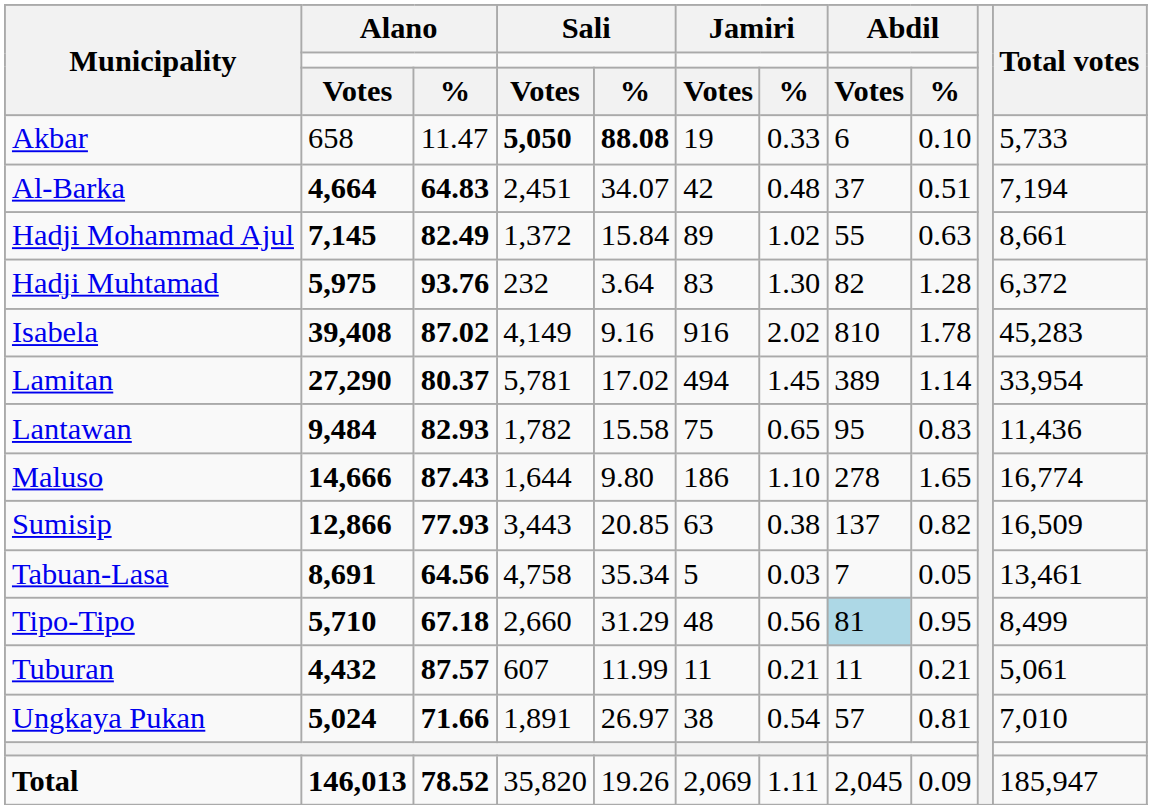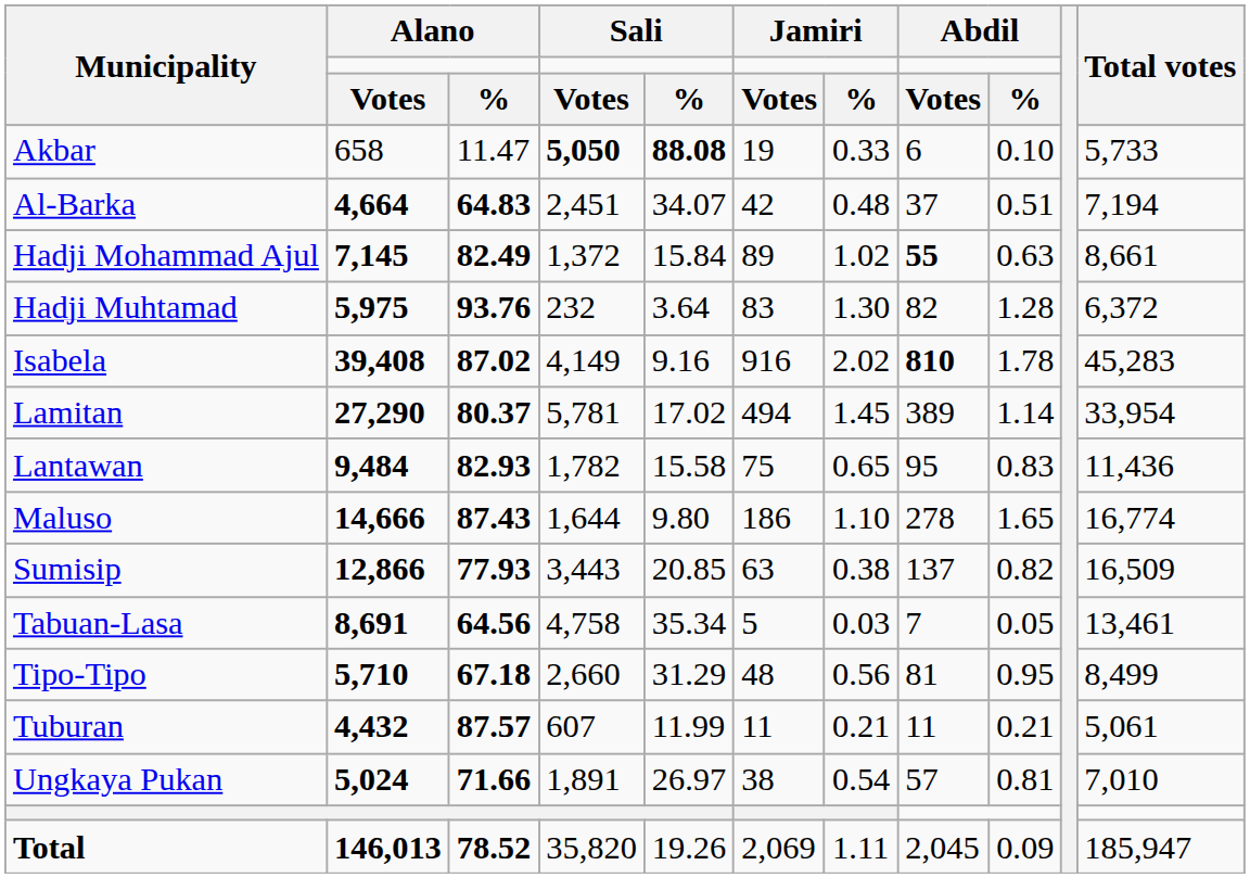 <table class="wikitable" style="text-align=center">
 <tr>
 <th rowspan="3">Municipality</th>
 <th colspan="2">Alano</th>
 <th colspan="2">Sali</th>
 <th colspan="2">Jamiri</th>
 <th colspan="2">Abdil</th>
 <th rowspan="20"></th>
 <th colspan="3" rowspan="3">Total votes</th>
 </tr>
 <tr>
 <td colspan="2" style="background:"></td>
 <td colspan="2" style="background:"></td>
 <td colspan="2" style="background:"></td>
 <td colspan="2" style="background:"></td>
 </tr>
 <tr>
 <th>Votes</th>
 <th>%</th>
 <th>Votes</th>
 <th>%</th>
 <th>Votes</th>
 <th>%</th>
 <th>Votes</th>
 <th>%</th>
 </tr>
 <tr>
 <td align="left"><a href='#'>Akbar</a></td>
 <td>658</td>
 <td>11.47</td>
 <td style="background:"><strong>5,050</strong></td>
 <td style="background:"><strong>88.08</strong></td>
 <td>19</td>
 <td>0.33</td>
 <td>6</td>
 <td>0.10</td>
 <td>5,733</td>
 </tr>
 <tr>
 <td align="left"><a href='#'>Al-Barka</a></td>
 <td style="background:"><strong>4,664</strong></td>
 <td style="background:"><strong>64.83</strong></td>
 <td>2,451</td>
 <td>34.07</td>
 <td>42</td>
 <td>0.48</td>
 <td>37</td>
 <td>0.51</td>
 <td>7,194</td>
 </tr>
 <tr>
 <td align="left"><a href='#'>Hadji Mohammad Ajul</a></td>
 <td style="background:"><strong>7,145</strong></td>
 <td style="background:"><strong>82.49</strong></td>
 <td>1,372</td>
 <td>15.84</td>
 <td>89</td>
 <td>1.02</td>
-<td>55</td>
+<td><strong>55</strong></td>
 <td>0.63</td>
 <td>8,661</td>
 </tr>
 <tr>
 <td align="left"><a href='#'>Hadji Muhtamad</a></td>
 <td style="background:"><strong>5,975</strong></td>
 <td style="background:"><strong>93.76</strong></td>
 <td>232</td>
 <td>3.64</td>
 <td>83</td>
 <td>1.30</td>
 <td>82</td>
 <td>1.28</td>
 <td>6,372</td>
 </tr>
 <tr>
 <td align="left"><a href='#'>Isabela</a></td>
 <td style="background:"><strong>39,408</strong></td>
 <td style="background:"><strong>87.02</strong></td>
 <td>4,149</td>
 <td>9.16</td>
 <td>916</td>
 <td>2.02</td>
-<td>810</td>
+<td><strong>810</strong></td>
 <td>1.78</td>
 <td>45,283</td>
 </tr>
 <tr>
 <td align="left"><a href='#'>Lamitan</a></td>
 <td style="background:"><strong>27,290</strong></td>
 <td style="background:"><strong>80.37</strong></td>
 <td>5,781</td>
 <td>17.02</td>
 <td>494</td>
 <td>1.45</td>
 <td>389</td>
 <td>1.14</td>
 <td>33,954</td>
 </tr>
 <tr>
 <td align="left"><a href='#'>Lantawan</a></td>
 <td style="background:"><strong>9,484</strong></td>
 <td style="background:"><strong>82.93</strong></td>
 <td>1,782</td>
 <td>15.58</td>
 <td>75</td>
 <td>0.65</td>
 <td>95</td>
 <td>0.83</td>
 <td>11,436</td>
 </tr>
 <tr>
 <td align="left"><a href='#'>Maluso</a></td>
 <td style="background:"><strong>14,666</strong></td>
 <td style="background:"><strong>87.43</strong></td>
 <td>1,644</td>
 <td>9.80</td>
 <td>186</td>
 <td>1.10</td>
 <td>278</td>
 <td>1.65</td>
 <td>16,774</td>
 </tr>
 <tr>
 <td align="left"><a href='#'>Sumisip</a></td>
 <td style="background:"><strong>12,866</strong></td>
 <td style="background:"><strong>77.93</strong></td>
 <td>3,443</td>
 <td>20.85</td>
 <td>63</td>
 <td>0.38</td>
 <td>137</td>
 <td>0.82</td>
 <td>16,509</td>
 </tr>
 <tr>
 <td align="left"><a href='#'>Tabuan-Lasa</a></td>
 <td style="background:"><strong>8,691</strong></td>
 <td style="background:"><strong>64.56</strong></td>
 <td>4,758</td>
 <td>35.34</td>
 <td>5</td>
 <td>0.03</td>
 <td>7</td>
 <td>0.05</td>
 <td>13,461</td>
 </tr>
 <tr>
 <td align="left"><a href='#'>Tipo-Tipo</a></td>
 <td style="background:"><strong>5,710</strong></td>
 <td style="background:"><strong>67.18</strong></td>
 <td>2,660</td>
 <td>31.29</td>
 <td>48</td>
 <td>0.56</td>
-<td style="background: lightblue;">81</td>
+<td>81</td>
 <td>0.95</td>
 <td>8,499</td>
 </tr>
 <tr>
 <td align="left"><a href='#'>Tuburan</a></td>
 <td style="background:"><strong>4,432</strong></td>
 <td style="background:"><strong>87.57</strong></td>
 <td>607</td>
 <td>11.99</td>
 <td>11</td>
 <td>0.21</td>
 <td>11</td>
 <td>0.21</td>
 <td>5,061</td>
 </tr>
 <tr>
 <td align="left"><a href='#'>Ungkaya Pukan</a></td>
 <td style="background:"><strong>5,024</strong></td>
 <td style="background:"><strong>71.66</strong></td>
 <td>1,891</td>
 <td>26.97</td>
 <td>38</td>
 <td>0.54</td>
 <td>57</td>
 <td>0.81</td>
 <td>7,010</td>
 </tr>
 <tr>
 <th colspan="5"></th>
 <th colspan="2"></th>
 </tr>
 <tr>
 <td align="left"><strong>Total</strong></td>
 <td style="background:"><strong>146,013</strong></td>
 <td style="background:"><strong>78.52</strong></td>
 <td>35,820</td>
 <td>19.26</td>
 <td>2,069</td>
 <td>1.11</td>
 <td>2,045</td>
 <td>0.09</td>
 <td>185,947</td>
 </tr>
 <tr>
 </tr>
 </table>
